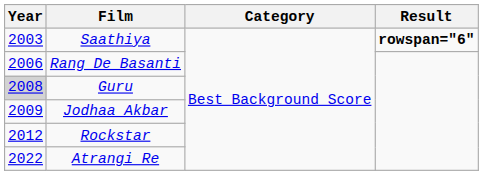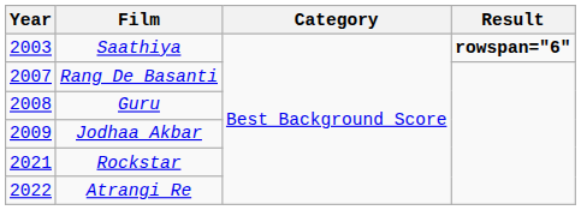 <table class="wikitable">
 <tr>
 <th>Year</th>
 <th>Film</th>
 <th>Category</th>
 <th>Result</th>
 </tr>
 <tr>
 <td style="text-align:center;"><a href='#'>2003</a></td>
 <td style="text-align:center;"><em><a href='#'>Saathiya</a></em></td>
 <td style="text-align:center;" rowspan="6"><a href='#'>Best Background Score</a></td>
 <td><strong>rowspan="6" </strong></td>
 </tr>
 <tr>
-<td style="text-align:center;"><a href='#'>2006</a></td>
+<td style="text-align:center;"><a href='#'>2007</a></td>
 <td style="text-align:center;"><em><a href='#'>Rang De Basanti</a></em></td>
 </tr>
 <tr>
-<td style="background: lightgrey; text-align:center;"><a href='#'>2008</a></td>
+<td style="text-align:center;"><a href='#'>2008</a></td>
 <td style="text-align:center;"><em><a href='#'>Guru</a></em></td>
 </tr>
 <tr>
 <td style="text-align:center;"><a href='#'>2009</a></td>
 <td style="text-align:center;"><em><a href='#'>Jodhaa Akbar</a></em></td>
 </tr>
 <tr>
-<td style="text-align:center;"><a href='#'>2012</a></td>
+<td style="text-align:center;"><a href='#'>2021</a></td>
 <td style="text-align:center;"><em><a href='#'>Rockstar</a></em></td>
 </tr>
 <tr>
 <td style="text-align:center;"><a href='#'>2022</a></td>
 <td style="text-align:center;"><em><a href='#'>Atrangi Re</a></em></td>
 </tr>
 </table>
